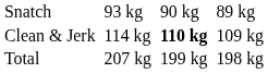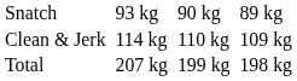 <table>
 <tr>
 <td>Snatch</td>
 <td></td>
 <td>93 kg</td>
 <td></td>
 <td>90 kg</td>
 <td></td>
 <td>89 kg</td>
 </tr>
 <tr>
 <td>Clean & Jerk</td>
 <td></td>
 <td>114 kg</td>
 <td></td>
-<td><strong>110 kg</strong></td>
+<td>110 kg</td>
 <td></td>
 <td>109 kg</td>
 </tr>
 <tr>
 <td>Total</td>
 <td></td>
 <td>207 kg</td>
 <td></td>
 <td>199 kg</td>
 <td></td>
 <td>198 kg</td>
 </tr>
 </table>
